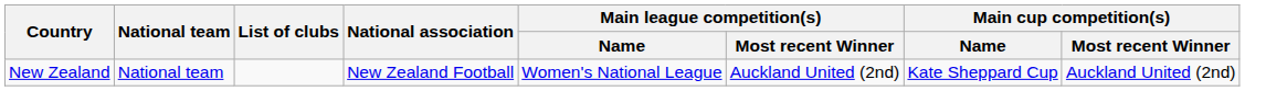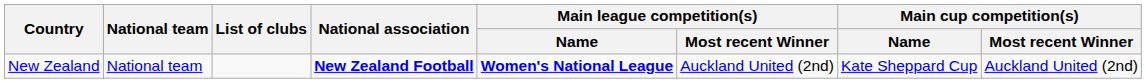 <table class="wikitable sortable">
 <tr>
 <th rowspan="2">Country</th>
 <th rowspan="2">National team</th>
 <th rowspan="2">List of clubs</th>
 <th rowspan="2">National association</th>
 <th colspan="2">Main league competition(s)</th>
 <th colspan="2">Main cup competition(s)</th>
 </tr>
 <tr>
 <th>Name</th>
 <th>Most recent Winner</th>
 <th>Name</th>
 <th>Most recent Winner</th>
 </tr>
 <tr>
 <td> <a href='#'>New Zealand</a></td>
 <td><a href='#'>National team</a></td>
 <td></td>
-<td><a href='#'>New Zealand Football</a></td>
-<td><a href='#'>Women's National League</a></td>
+<td><strong><a href='#'>New Zealand Football</a></strong></td>
+<td><strong><a href='#'>Women's National League</a></strong></td>
 <td><a href='#'>Auckland United</a> (2nd)</td>
 <td><a href='#'>Kate Sheppard Cup</a></td>
 <td><a href='#'>Auckland United</a> (2nd)</td>
 </tr>
 </table>
